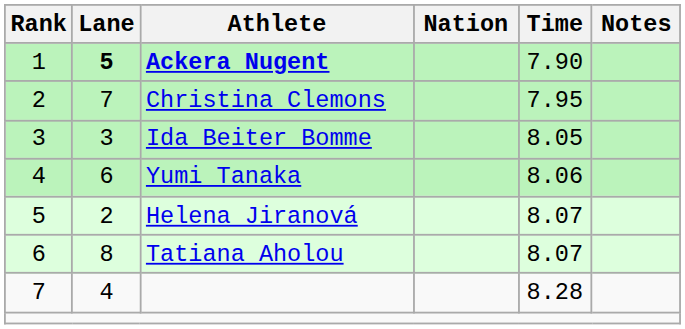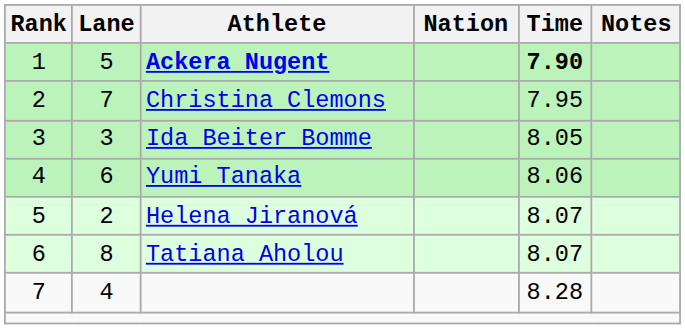 <table class="wikitable sortable" style="text-align:center;width: 60%;">
 <tr>
 <th scope="col" style="width: 10px;">Rank</th>
 <th scope="col" style="width: 10px;">Lane</th>
 <th scope="col">Athlete</th>
 <th scope="col">Nation</th>
 <th scope="col">Time</th>
 <th scope="col">Notes</th>
 </tr>
 <tr bgcolor=bbf3bb>
 <td>1</td>
-<td><strong>5</strong></td>
+<td>5</td>
 <td align=left><strong><a href='#'>Ackera Nugent</a></strong></td>
 <td align=left></td>
-<td>7.90</td>
+<td><strong>7.90</strong></td>
 <td></td>
 </tr>
 <tr bgcolor=bbf3bb>
 <td>2</td>
 <td>7</td>
 <td align=left><a href='#'>Christina Clemons</a></td>
 <td align=left></td>
 <td>7.95</td>
 <td></td>
 </tr>
 <tr bgcolor=bbf3bb>
 <td>3</td>
 <td>3</td>
 <td align=left><a href='#'>Ida Beiter Bomme</a></td>
 <td align=left></td>
 <td>8.05</td>
 <td></td>
 </tr>
 <tr bgcolor=bbf3bb>
 <td>4</td>
 <td>6</td>
 <td align=left><a href='#'>Yumi Tanaka</a></td>
 <td align=left></td>
 <td>8.06</td>
 <td></td>
 </tr>
 <tr bgcolor=ddffdd>
 <td>5</td>
 <td>2</td>
 <td align=left><a href='#'>Helena Jiranová</a></td>
 <td align=left></td>
 <td>8.07</td>
 <td></td>
 </tr>
 <tr bgcolor=ddffdd>
 <td>6</td>
 <td>8</td>
 <td align=left><a href='#'>Tatiana Aholou</a></td>
 <td align=left></td>
 <td>8.07</td>
 <td></td>
 </tr>
 <tr>
 <td>7</td>
 <td>4</td>
 <td align=left></td>
 <td align=left></td>
 <td>8.28</td>
 <td></td>
 </tr>
 <tr class="sortbottom">
 <td colspan="6"></td>
 </tr>
 </table>
